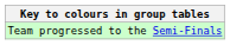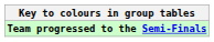 <table class="wikitable">
 <tr>
 <th>Key to colours in group tables</th>
 </tr>
 <tr style="background:#cfc;">
-<td>Team progressed to the <a href='#'>Semi-Finals</a></td>
+<td><strong>Team progressed to the <a href='#'>Semi-Finals</a></strong></td>
 </tr>
 </table>
